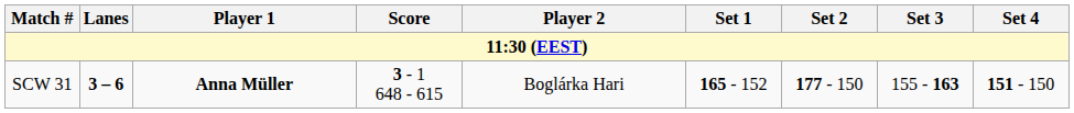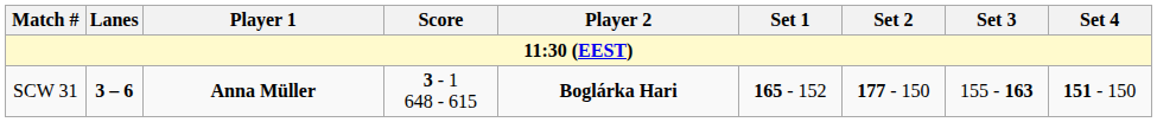 <table class="wikitable">
 <tr>
 <th width="7%">Match #</th>
 <th width="5%">Lanes</th>
 <th width="21%">Player 1</th>
 <th width="10%">Score</th>
 <th width="21%">Player 2</th>
 <th width="9%">Set 1</th>
 <th width="9%">Set 2</th>
 <th width="9%">Set 3</th>
 <th width="9%">Set 4</th>
 </tr>
 <tr>
 <td colspan="9" style="text-align:center; background-color:#FFFACD"><strong>11:30 (<a href='#'>EEST</a>)</strong></td>
 </tr>
 <tr style=text-align:center;"background:#;">
 <td>SCW 31</td>
 <td><strong>3 – 6</strong></td>
 <td> <strong>Anna Müller</strong></td>
 <td><strong>3</strong> - 1 <br> 648 - 615</td>
-<td> Boglárka Hari</td>
+<td><strong> Boglárka Hari</strong></td>
 <td><strong>165</strong> - 152</td>
 <td><strong>177</strong> - 150</td>
 <td>155 - <strong>163</strong></td>
 <td><strong>151</strong> - 150</td>
 </tr>
 </table>
